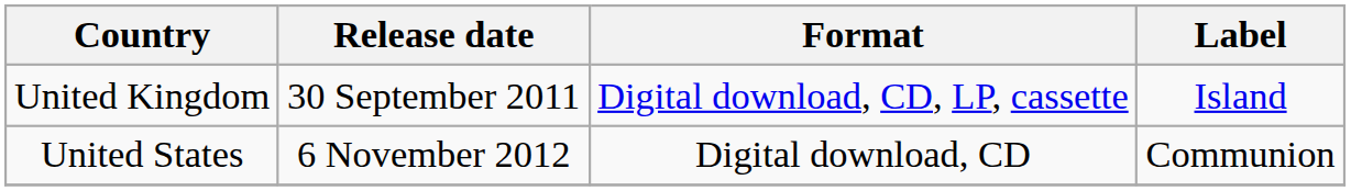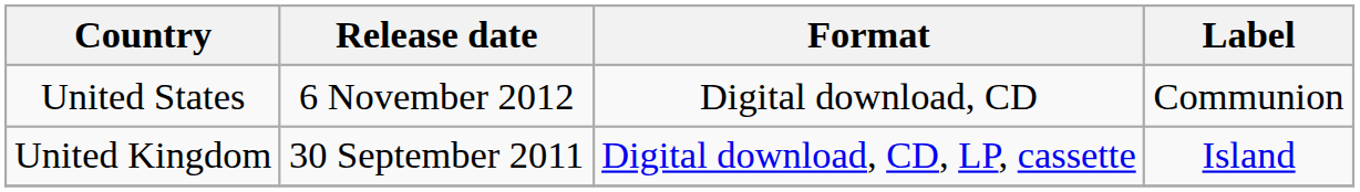 <table class="wikitable" style="text-align: center;">
 <tr>
 <th>Country</th>
 <th>Release date</th>
 <th>Format</th>
 <th>Label</th>
 </tr>
 <tr>
+<td>United States</td>
+<td>6 November 2012</td>
+<td>Digital download, CD</td>
+<td>Communion</td>
+</tr>
+<tr>
 <td>United Kingdom</td>
 <td>30 September 2011</td>
 <td><a href='#'>Digital download</a>, <a href='#'>CD</a>, <a href='#'>LP</a>, <a href='#'>cassette</a></td>
 <td><a href='#'>Island</a></td>
 </tr>
 <tr>
-<td>United States</td>
-<td>6 November 2012</td>
-<td>Digital download, CD</td>
-<td>Communion</td>
-</tr>
-<tr>
 </tr>
 </table>
